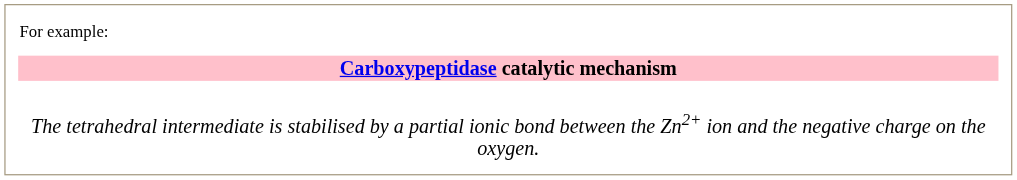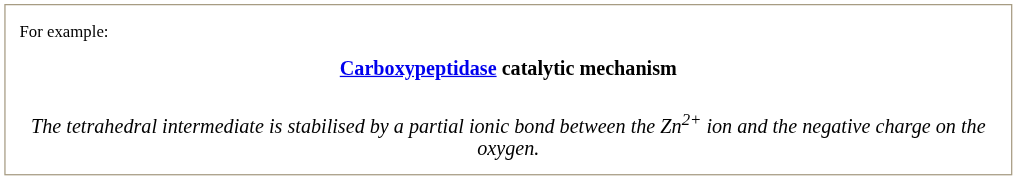 <table width=800px align="center" border="0" cellspacing="10" style="border: 1px solid #a79c83">
 <tr>
 <td><small>For example:</small></td>
 </tr>
 <tr>
-<td align="center" style="background: pink;"><strong><a href='#'>Carboxypeptidase</a> catalytic mechanism</strong></td>
+<td align="center"><strong><a href='#'>Carboxypeptidase</a> catalytic mechanism</strong></td>
 </tr>
 <tr>
 <td align="center"></td>
 </tr>
 <tr>
 <td align="center"><em>The tetrahedral intermediate is stabilised by a partial ionic bond between the Zn<sup>2+</sup> ion and the negative charge on the oxygen.</em></td>
 </tr>
 </table>
